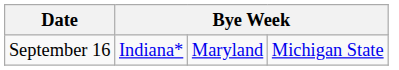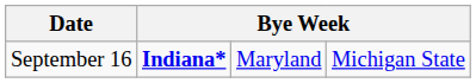 <table class="wikitable" style="font-size:95%;">
 <tr>
 <th>Date</th>
 <th colspan="3">Bye Week</th>
 </tr>
 <tr>
 <td>September 16</td>
-<td><a href='#'>Indiana*</a></td>
+<td><strong><a href='#'>Indiana*</a></strong></td>
 <td><a href='#'>Maryland</a></td>
 <td><a href='#'>Michigan State</a></td>
 </tr>
 </table>
